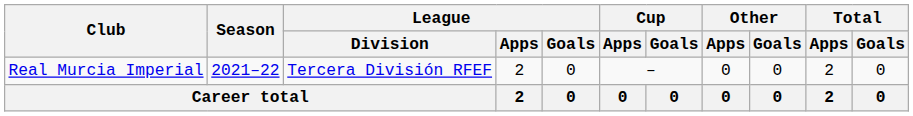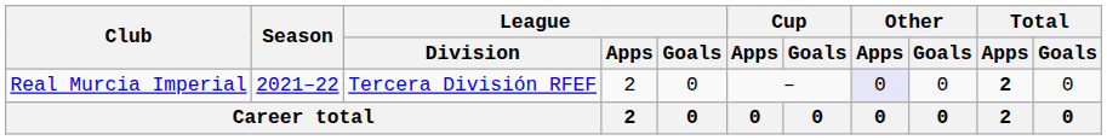 <table class="wikitable" style="text-align:center">
 <tr>
 <th rowspan=2>Club</th>
 <th rowspan=2>Season</th>
 <th colspan=3>League</th>
 <th colspan=2>Cup</th>
 <th colspan=2>Other</th>
 <th colspan=2>Total</th>
 </tr>
 <tr>
 <th>Division</th>
 <th>Apps</th>
 <th>Goals</th>
 <th>Apps</th>
 <th>Goals</th>
 <th>Apps</th>
 <th>Goals</th>
 <th>Apps</th>
 <th>Goals</th>
 </tr>
 <tr>
 <td><a href='#'>Real Murcia Imperial</a></td>
 <td><a href='#'>2021–22</a></td>
 <td><a href='#'>Tercera División RFEF</a></td>
 <td>2</td>
 <td>0</td>
 <td colspan="2">–</td>
+<td style="background: lavender;">0</td>
 <td>0</td>
-<td>0</td>
-<td>2</td>
+<td><strong>2</strong></td>
 <td>0</td>
 </tr>
 <tr>
 <th colspan=3>Career total</th>
 <th>2</th>
 <th>0</th>
 <th>0</th>
 <th>0</th>
 <th>0</th>
 <th>0</th>
 <th>2</th>
 <th>0</th>
 </tr>
 </table>
